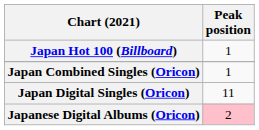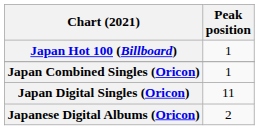 <table class="wikitable sortable plainrowheaders" style="text-align:center">
 <tr>
 <th scope="col">Chart (2021)</th>
 <th scope="col">Peak<br>position</th>
 </tr>
 <tr>
 <th scope="row"><a href='#'>Japan Hot 100</a> (<em><a href='#'>Billboard</a></em>)</th>
 <td>1</td>
 </tr>
 <tr>
 </tr>
 <tr>
 <th scope="row">Japan Combined Singles (<a href='#'>Oricon</a>)</th>
 <td>1</td>
 </tr>
 <tr>
 <th scope="row">Japan Digital Singles (<a href='#'>Oricon</a>)</th>
 <td>11</td>
 </tr>
 <tr>
 <th scope="row">Japanese Digital Albums (<a href='#'>Oricon</a>)</th>
-<td style="background: pink;">2</td>
+<td>2</td>
 </tr>
 </table>
